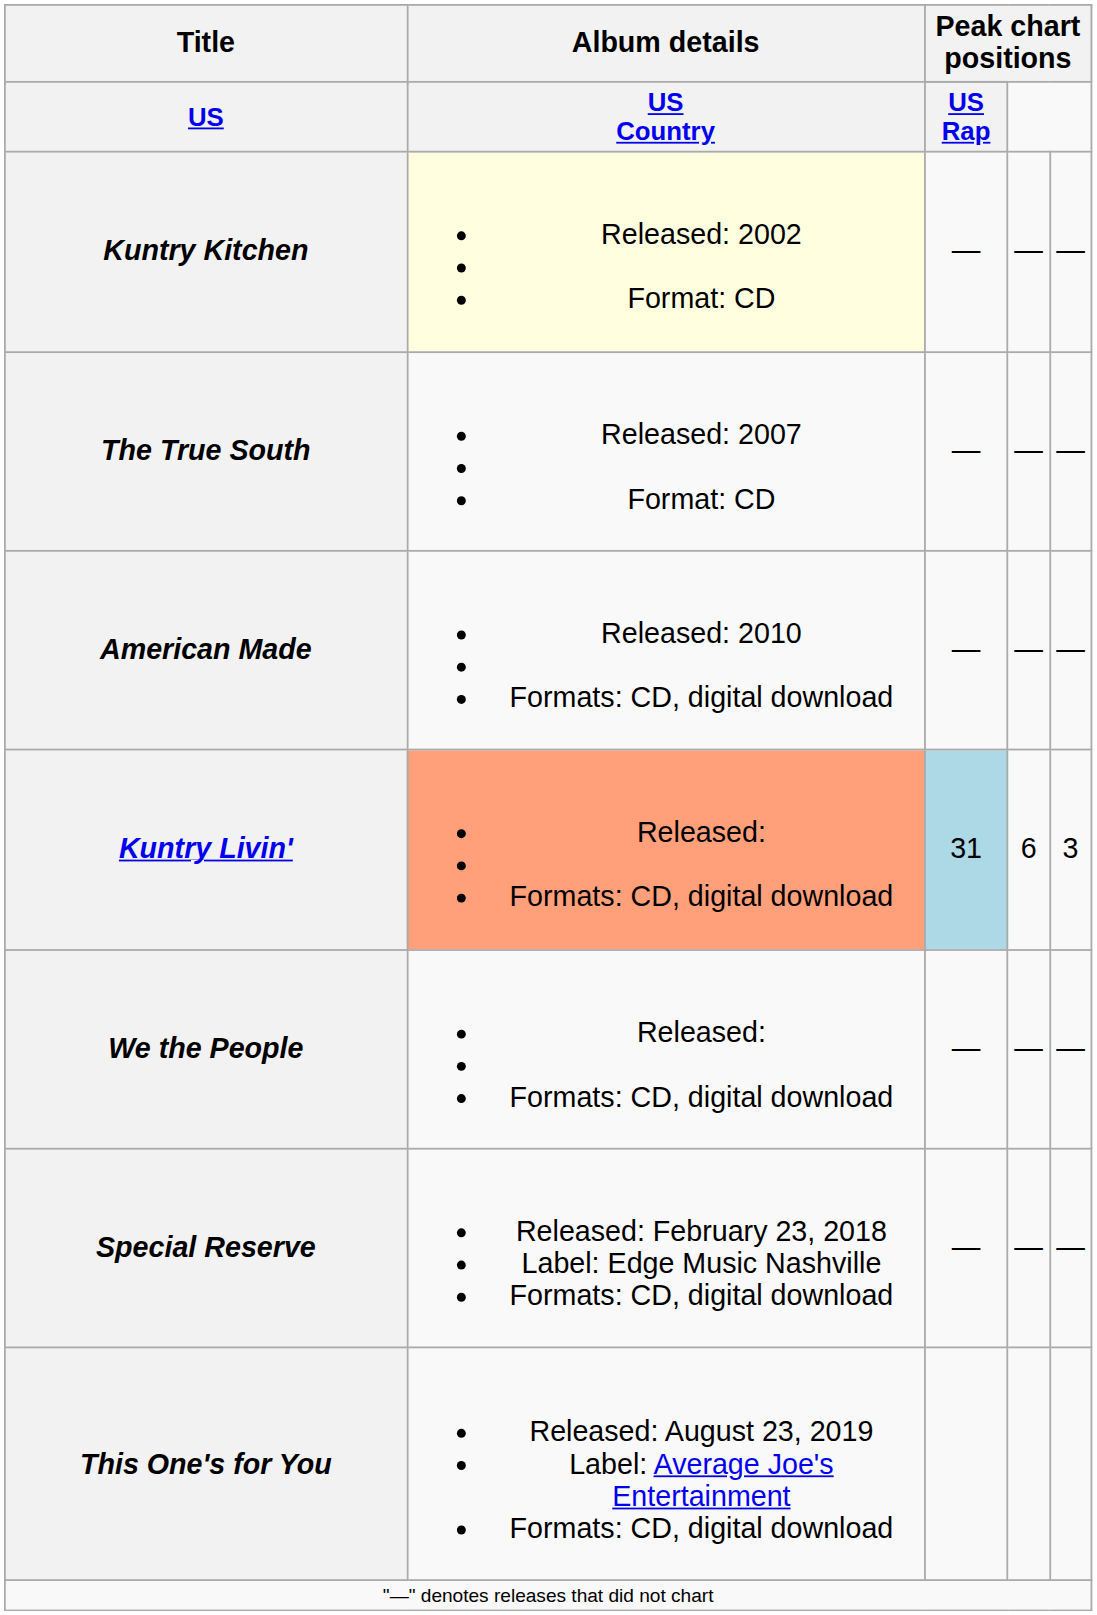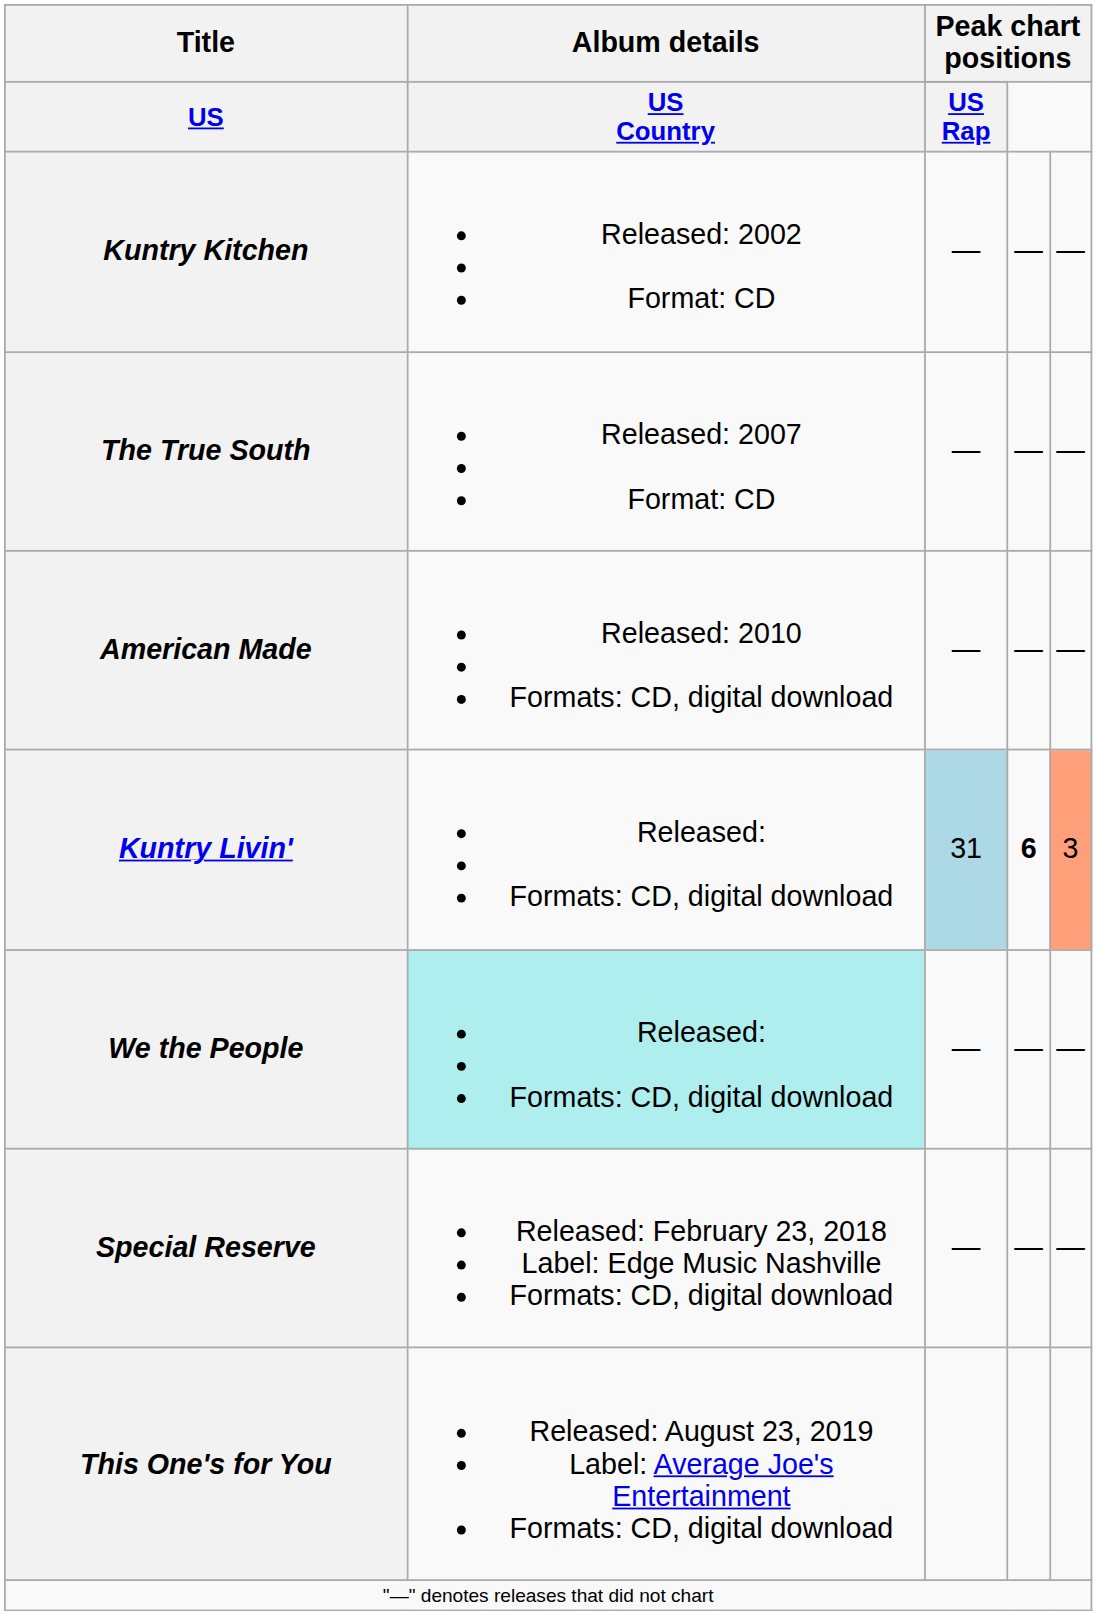 <table class="wikitable plainrowheaders" style="text-align:center;">
 <tr>
 <th scope="col" rowspan="2" style="width:16em;">Title</th>
 <th scope="col" rowspan="2" style="width:20em;">Album details</th>
 <th scope="col" colspan="3">Peak chart positions</th>
 </tr>
 <tr>
 </tr>
 <tr>
 <th style="width:3em; font-size:90%"><a href='#'>US</a></th>
 <th style="width:3em; font-size:90%"><a href='#'>US<br>Country</a></th>
 <th style="width:3em; font-size:90%"><a href='#'>US<br>Rap</a></th>
 </tr>
 <tr>
 <th scope="row"><em>Kuntry Kitchen</em></th>
-<td style="background: lightyellow;"><br><ul><li>Released: 2002</li><li></li><li>Format: CD</li></ul></td>
+<td><br><ul><li>Released: 2002</li><li></li><li>Format: CD</li></ul></td>
 <td>—</td>
 <td>—</td>
 <td>—</td>
 </tr>
 <tr>
 <th scope="row"><em>The True South</em></th>
 <td><br><ul><li>Released: 2007</li><li></li><li>Format: CD</li></ul></td>
 <td>—</td>
 <td>—</td>
 <td>—</td>
 </tr>
 <tr>
 <th scope="row"><em>American Made</em></th>
 <td><br><ul><li>Released: 2010</li><li></li><li>Formats: CD, digital download</li></ul></td>
 <td>—</td>
 <td>—</td>
 <td>—</td>
 </tr>
 <tr>
 <th scope="row"><em><a href='#'>Kuntry Livin'</a></em></th>
-<td style="background: lightsalmon;"><br><ul><li>Released: </li><li></li><li>Formats: CD, digital download</li></ul></td>
+<td><br><ul><li>Released: </li><li></li><li>Formats: CD, digital download</li></ul></td>
 <td style="background: lightblue;">31</td>
-<td>6</td>
-<td>3</td>
+<td><strong>6</strong></td>
+<td style="background: lightsalmon;">3</td>
 </tr>
 <tr>
 <th scope="row"><em>We the People</em></th>
-<td><br><ul><li>Released: </li><li></li><li>Formats: CD, digital download</li></ul></td>
+<td style="background: paleturquoise;"><br><ul><li>Released: </li><li></li><li>Formats: CD, digital download</li></ul></td>
 <td>—</td>
 <td>—</td>
 <td>—</td>
 </tr>
 <tr>
 <th scope="row"><em>Special Reserve</em></th>
 <td><br><ul><li>Released: February 23, 2018</li><li>Label: Edge Music Nashville</li><li>Formats: CD, digital download</li></ul></td>
 <td>—</td>
 <td>—</td>
 <td>—</td>
 </tr>
 <tr>
 <th scope="row"><em>This One's for You</em></th>
 <td><br><ul><li>Released: August 23, 2019</li><li>Label: <a href='#'>Average Joe's Entertainment</a></li><li>Formats: CD, digital download</li></ul></td>
 <td></td>
 <td></td>
 <td></td>
 </tr>
 <tr>
 <td colspan="5" style="font-size:8pt">"—" denotes releases that did not chart</td>
 </tr>
 </table>
